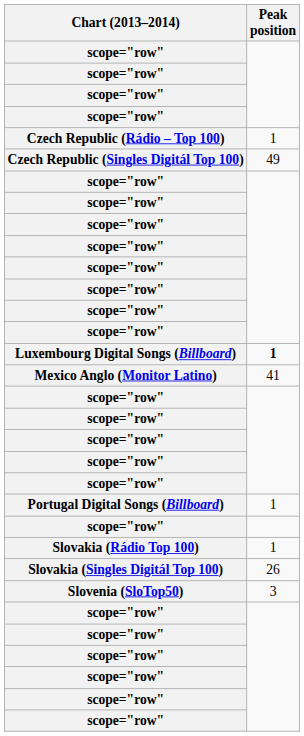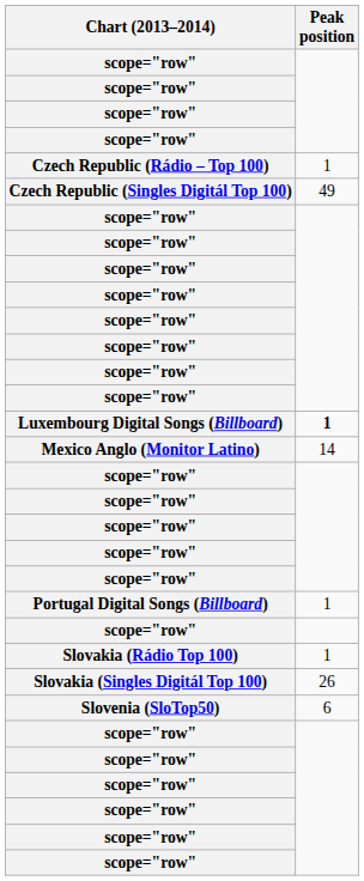 <table class="wikitable sortable plainrowheaders" style="text-align:center;">
 <tr>
 <th scope="col">Chart (2013–2014)</th>
 <th scope="col">Peak<br>position</th>
 </tr>
 <tr>
 <th>scope="row" </th>
 </tr>
 <tr>
 <th>scope="row" </th>
 </tr>
 <tr>
 <th>scope="row" </th>
 </tr>
 <tr>
 <th>scope="row" </th>
 </tr>
 <tr>
 <th scope="row">Czech Republic (<a href='#'>Rádio – Top 100</a>)</th>
 <td>1</td>
 </tr>
 <tr>
 <th scope="row">Czech Republic (<a href='#'>Singles Digitál Top 100</a>)</th>
 <td>49</td>
 </tr>
 <tr>
 <th>scope="row" </th>
 </tr>
 <tr>
 <th>scope="row" </th>
 </tr>
 <tr>
 <th>scope="row" </th>
 </tr>
 <tr>
 <th>scope="row" </th>
 </tr>
 <tr>
 <th>scope="row" </th>
 </tr>
 <tr>
 <th>scope="row" </th>
 </tr>
 <tr>
 <th>scope="row" </th>
 </tr>
 <tr>
 <th>scope="row" </th>
 </tr>
 <tr>
 <th scope="row">Luxembourg Digital Songs (<em><a href='#'>Billboard</a></em>)</th>
 <td><strong>1</strong></td>
 </tr>
 <tr>
 <th scope="row">Mexico Anglo (<a href='#'>Monitor Latino</a>)</th>
-<td>41</td>
+<td>14</td>
 </tr>
 <tr>
 <th>scope="row" </th>
 </tr>
 <tr>
 <th>scope="row" </th>
 </tr>
 <tr>
 <th>scope="row" </th>
 </tr>
 <tr>
 <th>scope="row" </th>
 </tr>
 <tr>
 <th>scope="row" </th>
 </tr>
 <tr>
 <th scope="row">Portugal Digital Songs (<em><a href='#'>Billboard</a></em>)</th>
 <td>1</td>
 </tr>
 <tr>
 <th>scope="row" </th>
 </tr>
 <tr>
 <th scope="row">Slovakia (<a href='#'>Rádio Top 100</a>)</th>
 <td>1</td>
 </tr>
 <tr>
 <th scope="row">Slovakia (<a href='#'>Singles Digitál Top 100</a>)</th>
 <td>26</td>
 </tr>
 <tr>
 <th scope="row">Slovenia (<a href='#'>SloTop50</a>)</th>
-<td>3</td>
+<td>6</td>
 </tr>
 <tr>
 <th>scope="row" </th>
 </tr>
 <tr>
 <th>scope="row" </th>
 </tr>
 <tr>
 <th>scope="row" </th>
 </tr>
 <tr>
 <th>scope="row" </th>
 </tr>
 <tr>
 <th>scope="row" </th>
 </tr>
 <tr>
 <th>scope="row" </th>
 </tr>
 </table>
